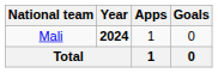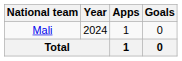 <table class=wikitable style=text-align:center>
 <tr>
 <th>National team</th>
 <th>Year</th>
 <th>Apps</th>
 <th>Goals</th>
 </tr>
 <tr>
 <td rowspan="1"><a href='#'>Mali</a></td>
-<td><strong>2024</strong></td>
+<td>2024</td>
 <td>1</td>
 <td>0</td>
 </tr>
 <tr>
 <th colspan="2">Total</th>
 <th>1</th>
 <th>0</th>
 </tr>
 </table>
